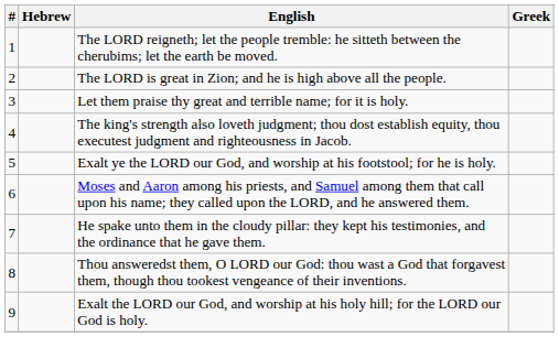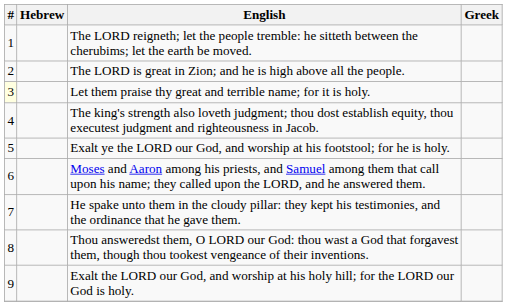 <table class=wikitable>
 <tr>
 <th>#</th>
 <th>Hebrew</th>
 <th>English</th>
 <th>Greek</th>
 </tr>
 <tr>
 <td style="text-align:right">1</td>
 <td style="text-align:right"></td>
 <td>The LORD reigneth; let the people tremble: he sitteth between the cherubims; let the earth be moved.</td>
 <td></td>
 </tr>
 <tr>
 <td style="text-align:right">2</td>
 <td style="text-align:right"></td>
 <td>The LORD is great in Zion; and he is high above all the people.</td>
 <td></td>
 </tr>
 <tr>
-<td style="text-align:right">3</td>
+<td style="background: lightyellow; text-align:right">3</td>
 <td style="text-align:right"></td>
 <td>Let them praise thy great and terrible name; for it is holy.</td>
 <td></td>
 </tr>
 <tr>
 <td style="text-align:right">4</td>
 <td style="text-align:right"></td>
 <td>The king's strength also loveth judgment; thou dost establish equity, thou executest judgment and righteousness in Jacob.</td>
 <td></td>
 </tr>
 <tr>
 <td style="text-align:right">5</td>
 <td style="text-align:right"></td>
 <td>Exalt ye the LORD our God, and worship at his footstool; for he is holy.</td>
 <td></td>
 </tr>
 <tr>
 <td style="text-align:right">6</td>
 <td style="text-align:right"></td>
 <td><a href='#'>Moses</a> and <a href='#'>Aaron</a> among his priests, and <a href='#'>Samuel</a> among them that call upon his name; they called upon the LORD, and he answered them.</td>
 <td></td>
 </tr>
 <tr>
 <td style="text-align:right">7</td>
 <td style="text-align:right"></td>
 <td>He spake unto them in the cloudy pillar: they kept his testimonies, and the ordinance that he gave them.</td>
 <td></td>
 </tr>
 <tr>
 <td style="text-align:right">8</td>
 <td style="text-align:right"></td>
 <td>Thou answeredst them, O LORD our God: thou wast a God that forgavest them, though thou tookest vengeance of their inventions.</td>
 <td></td>
 </tr>
 <tr>
 <td style="text-align:right">9</td>
 <td style="text-align:right"></td>
 <td>Exalt the LORD our God, and worship at his holy hill; for the LORD our God is holy.</td>
 <td></td>
 </tr>
 <tr>
 </tr>
 </table>
